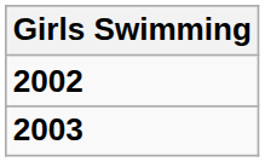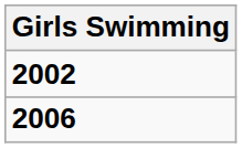 <table class="wikitable">
 <tr>
 <th>Girls Swimming</th>
 </tr>
 <tr>
 <td><strong>2002</strong></td>
 </tr>
 <tr>
-<td><strong>2003</strong></td>
+<td><strong>2006</strong></td>
 </tr>
 </table>
